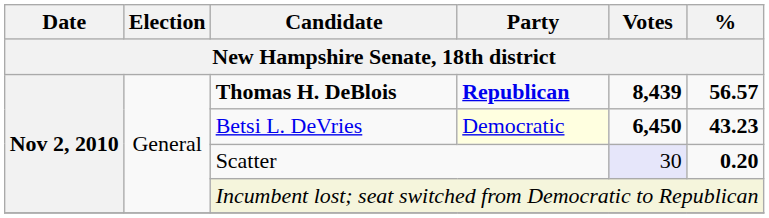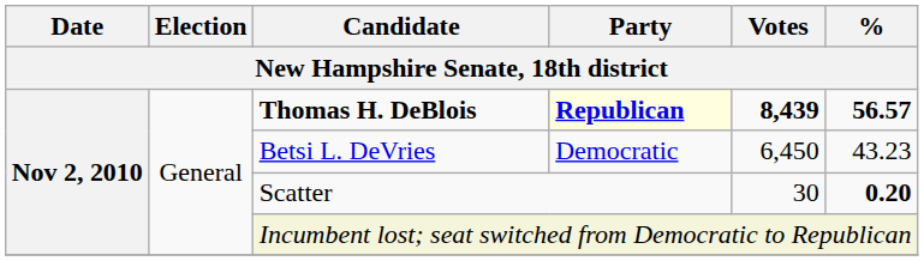 <table class="wikitable">
 <tr>
 <th>Date</th>
 <th>Election</th>
 <th>Candidate</th>
 <th>Party</th>
 <th>Votes</th>
 <th>%</th>
 </tr>
 <tr>
 <th colspan="6">New Hampshire Senate, 18th district</th>
 </tr>
 <tr>
 <th rowspan="4">Nov 2, 2010</th>
 <td rowspan="4" align="center">General</td>
 <td><strong>Thomas H. DeBlois</strong></td>
-<td><strong><a href='#'>Republican</a></strong></td>
+<td style="background: lightyellow;"><strong><a href='#'>Republican</a></strong></td>
 <td align="right"><strong>8,439</strong></td>
 <td align="right"><strong>56.57</strong></td>
 </tr>
 <tr>
 <td><a href='#'>Betsi L. DeVries</a></td>
-<td style="background: lightyellow;"><a href='#'>Democratic</a></td>
-<td align="right"><strong>6,450</strong></td>
-<td align="right"><strong>43.23</strong></td>
+<td><a href='#'>Democratic</a></td>
+<td align="right">6,450</td>
+<td align="right">43.23</td>
 </tr>
 <tr>
 <td colspan="2">Scatter</td>
-<td align="right" style="background: lavender;">30</td>
+<td align="right">30</td>
 <td align="right"><strong>0.20</strong></td>
 </tr>
 <tr>
 <td colspan="4" style="background:Beige"><em>Incumbent lost; seat switched from Democratic to Republican</em></td>
 </tr>
 <tr>
 </tr>
 </table>
